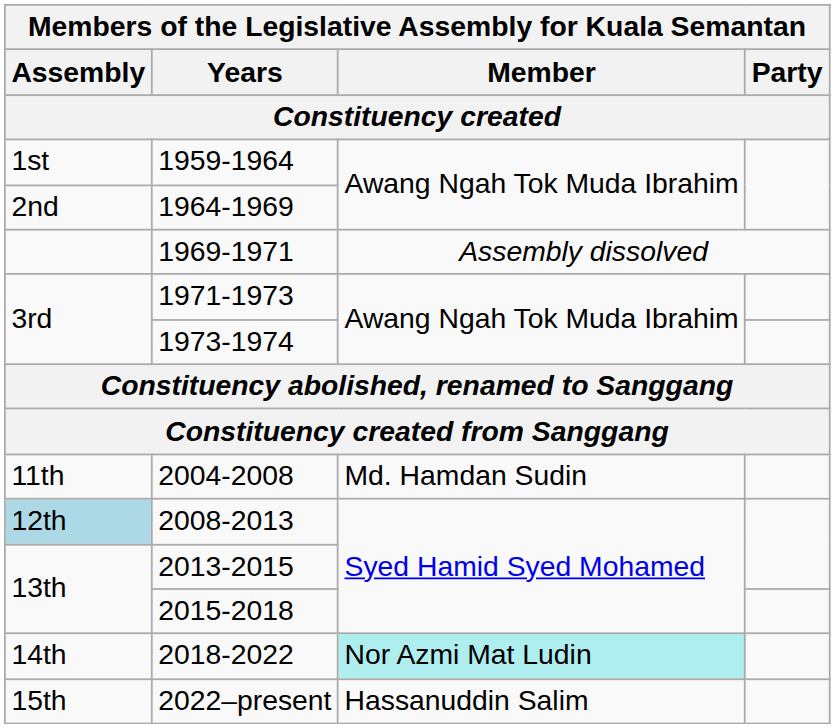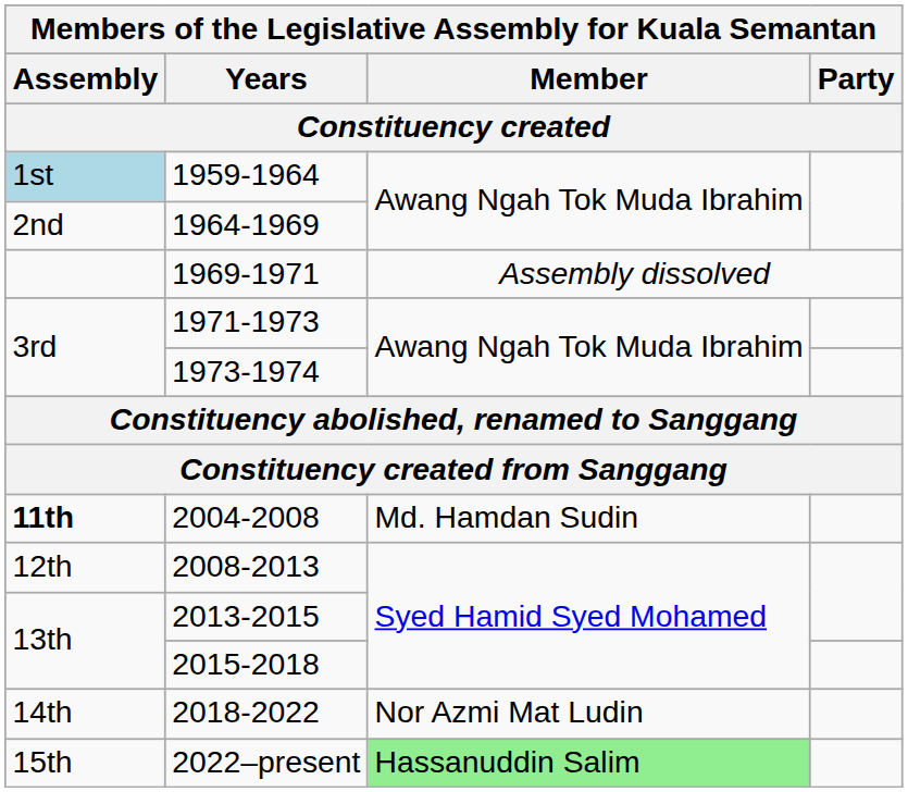 <table class=wikitable>
 <tr>
 <th colspan=4>Members of the Legislative Assembly for Kuala Semantan</th>
 </tr>
 <tr>
 <th>Assembly</th>
 <th>Years</th>
 <th>Member</th>
 <th>Party</th>
 </tr>
 <tr>
 <th colspan=4 align=center><em>Constituency created</em></th>
 </tr>
 <tr>
-<td>1st</td>
+<td style="background: lightblue;">1st</td>
 <td>1959-1964</td>
 <td rowspan="2">Awang Ngah Tok Muda Ibrahim</td>
 <td rowspan="2"></td>
 </tr>
 <tr>
 <td>2nd</td>
 <td>1964-1969</td>
 </tr>
 <tr>
 <td></td>
 <td>1969-1971</td>
 <td colspan=2 align=center><em>Assembly dissolved</em></td>
 </tr>
 <tr>
 <td rowspan=2>3rd</td>
 <td>1971-1973</td>
 <td rowspan=2>Awang Ngah Tok Muda Ibrahim</td>
 <td></td>
 </tr>
 <tr>
 <td>1973-1974</td>
 <td></td>
 </tr>
 <tr>
 <th colspan="4"><em>Constituency abolished, renamed to Sanggang</em></th>
 </tr>
 <tr>
 <th colspan="4"><em>Constituency created from Sanggang</em></th>
 </tr>
 <tr>
-<td>11th</td>
+<td><strong>11th</strong></td>
 <td>2004-2008</td>
 <td>Md. Hamdan Sudin</td>
 <td></td>
 </tr>
 <tr>
-<td style="background: lightblue;">12th</td>
+<td>12th</td>
 <td>2008-2013</td>
 <td rowspan="3"><a href='#'>Syed Hamid Syed Mohamed</a></td>
 <td rowspan="2"></td>
 </tr>
 <tr>
 <td rowspan="2">13th</td>
 <td>2013-2015</td>
 </tr>
 <tr>
 <td>2015-2018</td>
 <td></td>
 </tr>
 <tr>
 <td>14th</td>
 <td>2018-2022</td>
-<td style="background: paleturquoise;">Nor Azmi Mat Ludin</td>
+<td>Nor Azmi Mat Ludin</td>
 <td></td>
 </tr>
 <tr>
 <td>15th</td>
 <td>2022–present</td>
-<td>Hassanuddin Salim</td>
+<td style="background: lightgreen;">Hassanuddin Salim</td>
 <td></td>
 </tr>
 </table>
